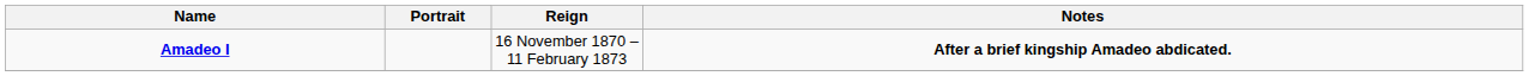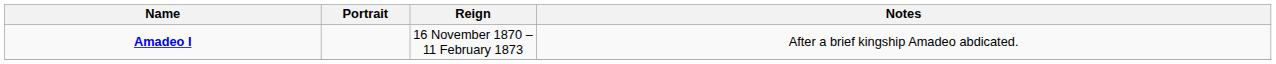 <table style="text-align:center; width:100%" class="wikitable">
 <tr>
 <th width=25%>Name</th>
 <th width=105px>Portrait</th>
 <th width=10%>Reign</th>
 <th width=58%>Notes</th>
 </tr>
 <tr>
 <td><strong><a href='#'>Amadeo I</a></strong></td>
 <td></td>
 <td>16 November 1870 – 11 February 1873</td>
-<td><strong>After a brief kingship Amadeo abdicated.</strong></td>
+<td>After a brief kingship Amadeo abdicated.</td>
 </tr>
 <tr>
 </tr>
 </table>
